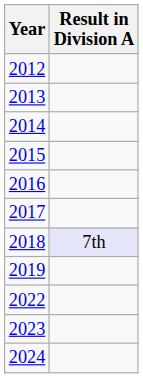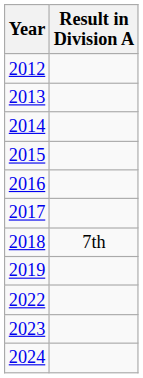 <table class="wikitable" style="text-align:center">
 <tr>
 <th>Year</th>
 <th>Result in<br>Division A</th>
 </tr>
 <tr>
 <td><a href='#'>2012</a></td>
 <td></td>
 </tr>
 <tr>
 <td><a href='#'>2013</a></td>
 <td></td>
 </tr>
 <tr>
 <td><a href='#'>2014</a></td>
 <td></td>
 </tr>
 <tr>
 <td><a href='#'>2015</a></td>
 <td></td>
 </tr>
 <tr>
 <td><a href='#'>2016</a></td>
 <td></td>
 </tr>
 <tr>
 <td><a href='#'>2017</a></td>
 <td></td>
 </tr>
 <tr>
 <td><a href='#'>2018</a></td>
-<td style="background: lavender;">7th</td>
+<td>7th</td>
 </tr>
 <tr>
 <td><a href='#'>2019</a></td>
 <td></td>
 </tr>
 <tr>
 <td><a href='#'>2022</a></td>
 <td></td>
 </tr>
 <tr>
 <td><a href='#'>2023</a></td>
 <td></td>
 </tr>
 <tr>
 <td><a href='#'>2024</a></td>
 <td></td>
 </tr>
 </table>
